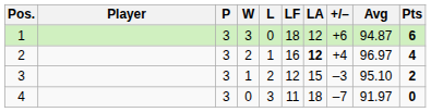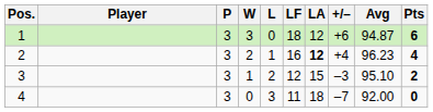 <table class="wikitable" style="text-align:center; margin: 1em auto 1em auto, align:left">
 <tr>
 <th width=20>Pos.</th>
 <th width=212>Player</th>
 <th width=20>P</th>
 <th width=20>W</th>
 <th width=20>L</th>
 <th width=20>LF</th>
 <th width=20>LA</th>
 <th width=25>+/–</th>
 <th width=50>Avg</th>
 <th width=20>Pts</th>
 </tr>
 <tr style="background:#D0F0C0;">
 <td>1</td>
 <td align=left></td>
 <td>3</td>
 <td>3</td>
 <td>0</td>
 <td>18</td>
 <td>12</td>
 <td>+6</td>
 <td>94.87</td>
 <td><strong>6</strong></td>
 </tr>
 <tr style=>
 <td>2</td>
 <td align=left></td>
 <td>3</td>
 <td>2</td>
 <td>1</td>
 <td>16</td>
 <td><strong>12</strong></td>
 <td>+4</td>
-<td>96.97</td>
+<td>96.23</td>
 <td><strong>4</strong></td>
 </tr>
 <tr style=>
 <td>3</td>
 <td align=left></td>
 <td>3</td>
 <td>1</td>
 <td>2</td>
 <td>12</td>
 <td>15</td>
 <td>–3</td>
 <td>95.10</td>
 <td><strong>2</strong></td>
 </tr>
 <tr style=>
 <td>4</td>
 <td align=left></td>
 <td>3</td>
 <td>0</td>
 <td>3</td>
 <td>11</td>
 <td>18</td>
 <td>–7</td>
-<td>91.97</td>
+<td>92.00</td>
 <td><strong>0</strong></td>
 </tr>
 </table>
